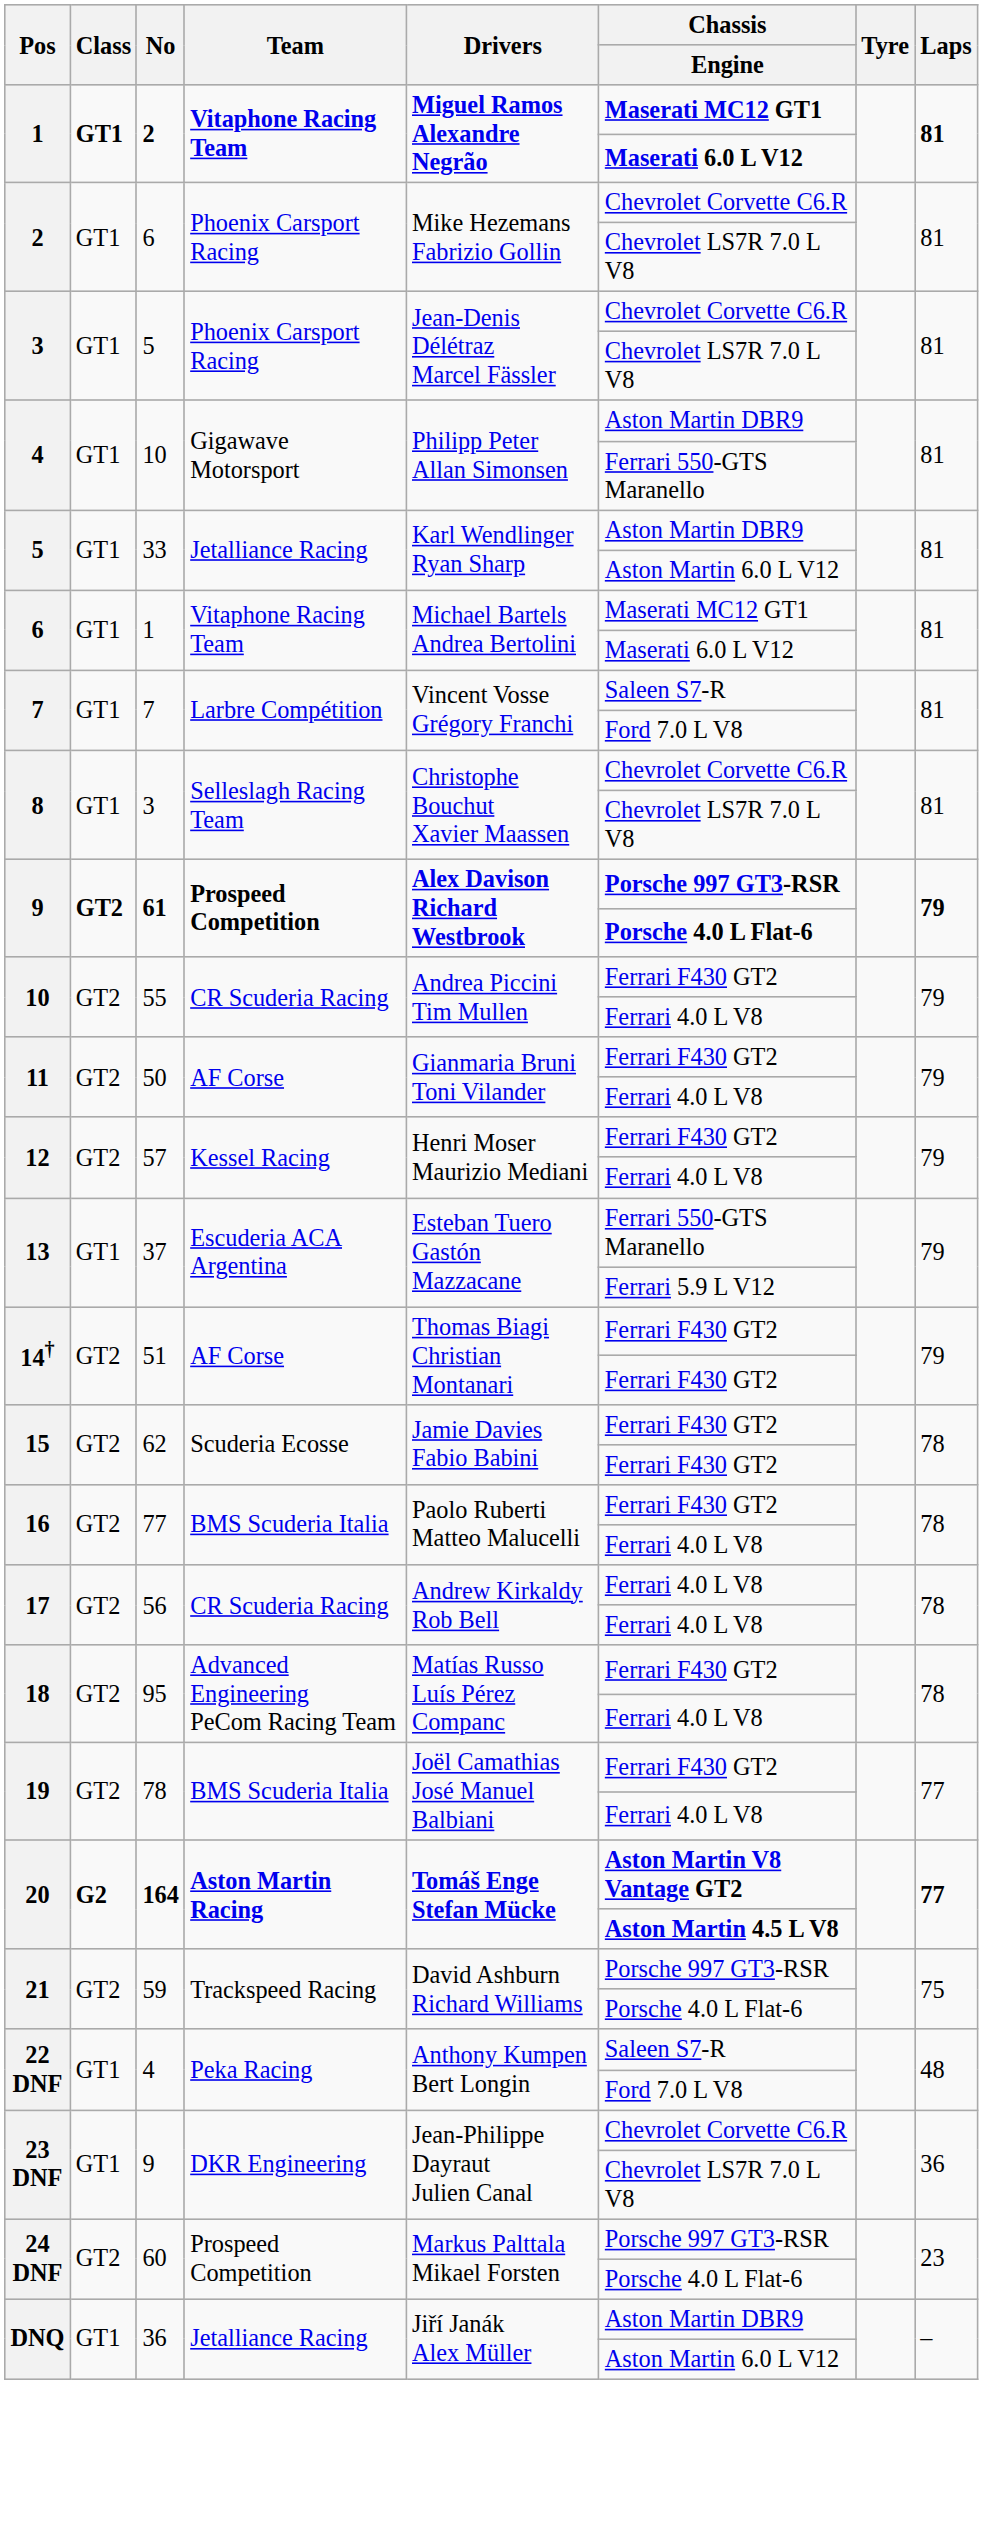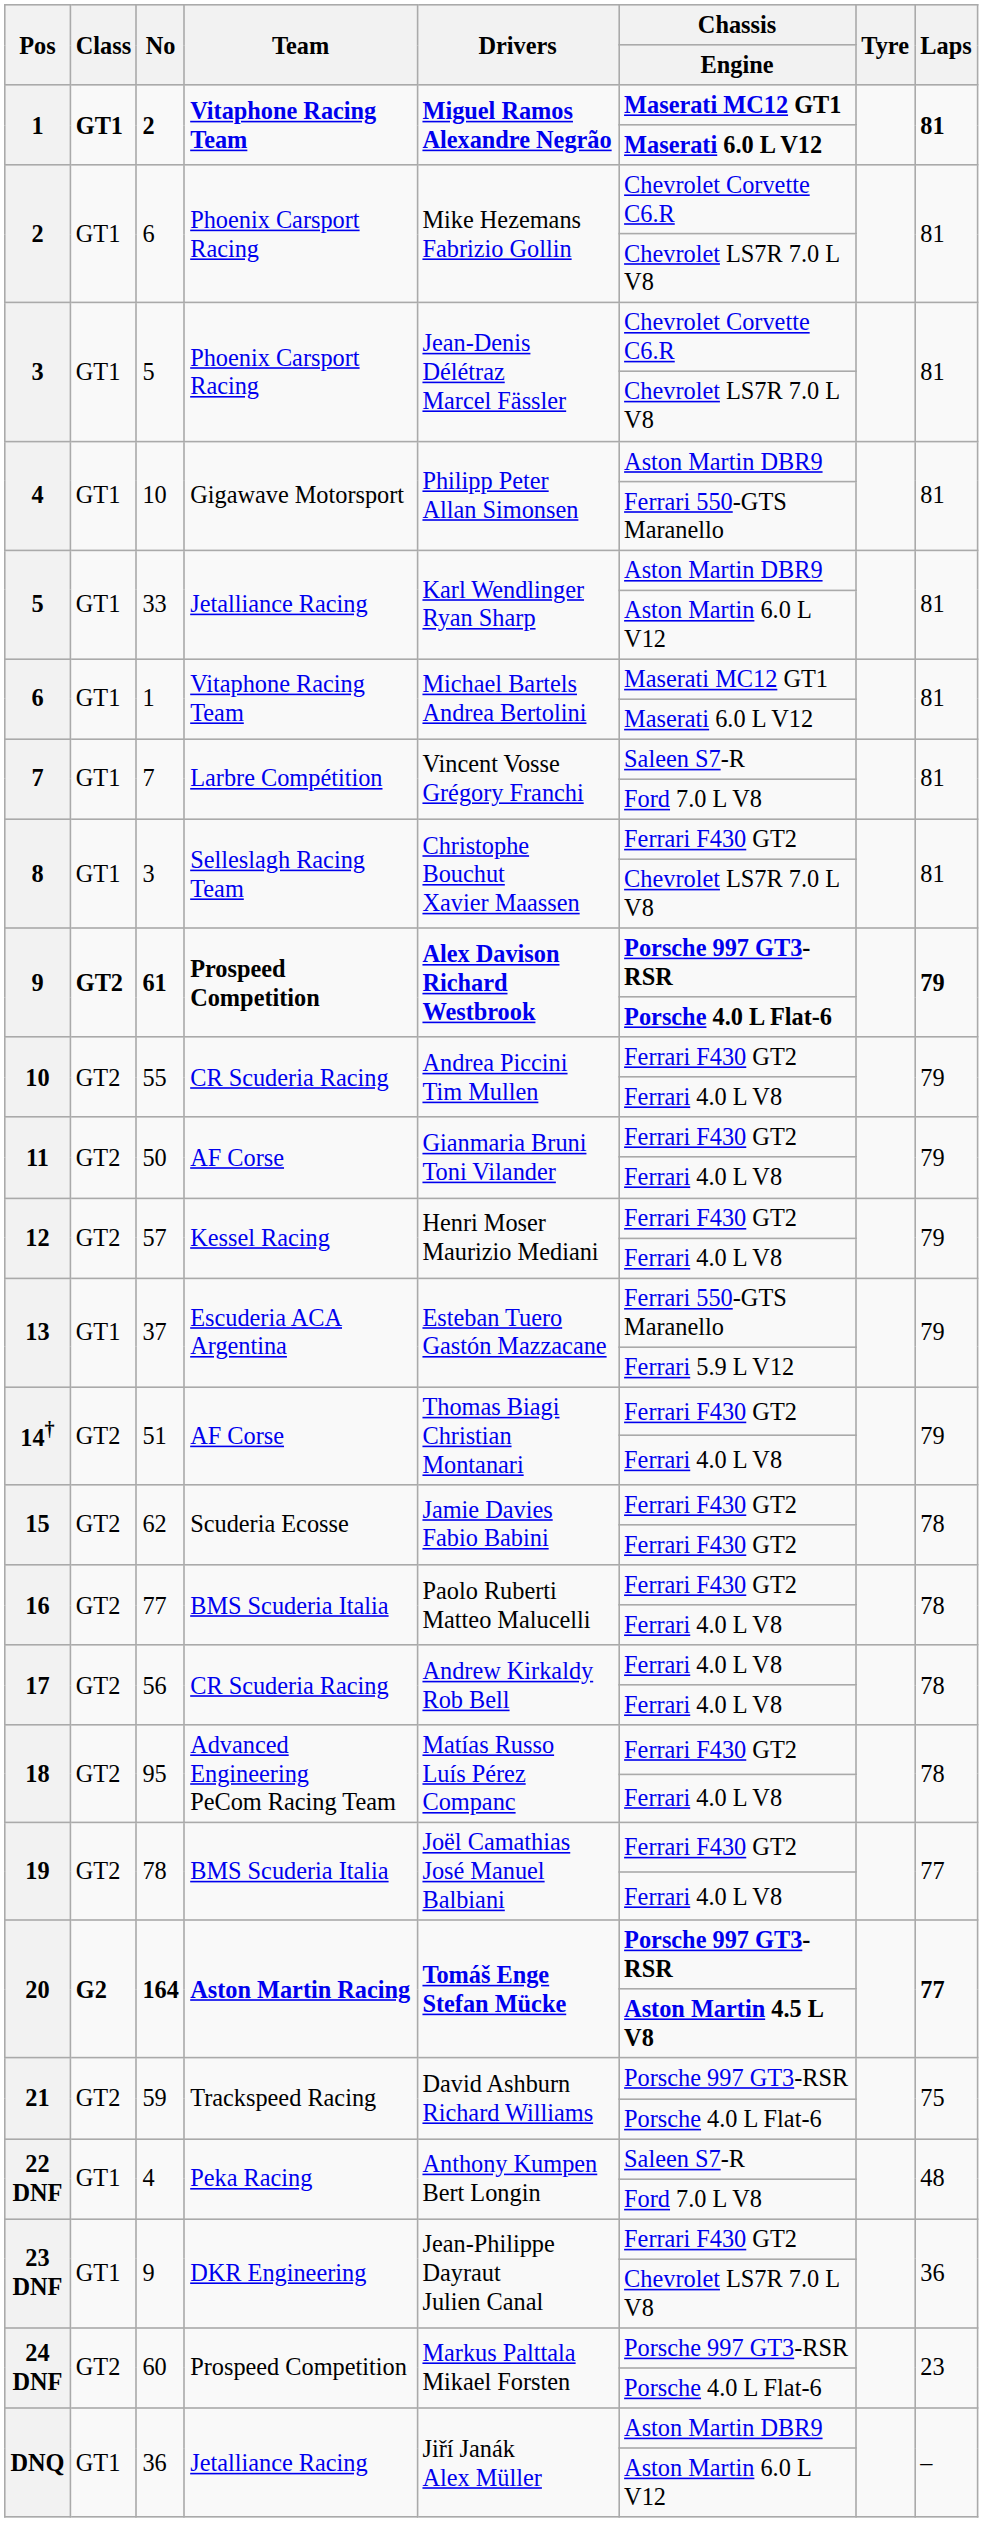 <table class="wikitable" style="font-size: 95%;">
 <tr>
 <th rowspan=2>Pos</th>
 <th rowspan=2>Class</th>
 <th rowspan=2>No</th>
 <th rowspan=2>Team</th>
 <th rowspan=2>Drivers</th>
 <th>Chassis</th>
 <th rowspan=2>Tyre</th>
 <th rowspan=2>Laps</th>
 </tr>
 <tr>
 <th>Engine</th>
 </tr>
 <tr style="font-weight:bold">
 <th rowspan=2>1</th>
 <td rowspan=2>GT1</td>
 <td rowspan=2>2</td>
 <td rowspan=2> <a href='#'>Vitaphone Racing Team</a></td>
 <td rowspan=2> <a href='#'>Miguel Ramos</a><br> <a href='#'>Alexandre Negrão</a></td>
 <td><a href='#'>Maserati MC12</a> GT1</td>
 <td rowspan=2></td>
 <td rowspan=2>81</td>
 </tr>
 <tr style="font-weight:bold">
 <td><a href='#'>Maserati</a> 6.0 L V12</td>
 </tr>
 <tr>
 <th rowspan=2>2</th>
 <td rowspan=2>GT1</td>
 <td rowspan=2>6</td>
 <td rowspan=2> <a href='#'>Phoenix Carsport Racing</a></td>
 <td rowspan=2> Mike Hezemans<br> <a href='#'>Fabrizio Gollin</a></td>
 <td><a href='#'>Chevrolet Corvette C6.R</a></td>
 <td rowspan=2></td>
 <td rowspan=2>81</td>
 </tr>
 <tr>
 <td><a href='#'>Chevrolet</a> LS7R 7.0 L V8</td>
 </tr>
 <tr>
 <th rowspan=2>3</th>
 <td rowspan=2>GT1</td>
 <td rowspan=2>5</td>
 <td rowspan=2> <a href='#'>Phoenix Carsport Racing</a></td>
 <td rowspan=2> <a href='#'>Jean-Denis Délétraz</a><br> <a href='#'>Marcel Fässler</a></td>
 <td><a href='#'>Chevrolet Corvette C6.R</a></td>
 <td rowspan=2></td>
 <td rowspan=2>81</td>
 </tr>
 <tr>
 <td><a href='#'>Chevrolet</a> LS7R 7.0 L V8</td>
 </tr>
 <tr>
 <th rowspan=2>4</th>
 <td rowspan=2>GT1</td>
 <td rowspan=2>10</td>
 <td rowspan=2> Gigawave Motorsport</td>
 <td rowspan=2> <a href='#'>Philipp Peter</a><br> <a href='#'>Allan Simonsen</a></td>
 <td><a href='#'>Aston Martin DBR9</a></td>
 <td rowspan=2></td>
 <td rowspan=2>81</td>
 </tr>
 <tr>
 <td><a href='#'>Ferrari 550</a>-GTS Maranello</td>
 </tr>
 <tr>
 <th rowspan=2>5</th>
 <td rowspan=2>GT1</td>
 <td rowspan=2>33</td>
 <td rowspan=2> <a href='#'>Jetalliance Racing</a></td>
 <td rowspan=2> <a href='#'>Karl Wendlinger</a><br> <a href='#'>Ryan Sharp</a></td>
 <td><a href='#'>Aston Martin DBR9</a></td>
 <td rowspan=2></td>
 <td rowspan=2>81</td>
 </tr>
 <tr>
 <td><a href='#'>Aston Martin</a> 6.0 L V12</td>
 </tr>
 <tr>
 <th rowspan=2>6</th>
 <td rowspan=2>GT1</td>
 <td rowspan=2>1</td>
 <td rowspan=2> <a href='#'>Vitaphone Racing Team</a></td>
 <td rowspan=2> <a href='#'>Michael Bartels</a><br> <a href='#'>Andrea Bertolini</a></td>
 <td><a href='#'>Maserati MC12</a> GT1</td>
 <td rowspan=2></td>
 <td rowspan=2>81</td>
 </tr>
 <tr>
 <td><a href='#'>Maserati</a> 6.0 L V12</td>
 </tr>
 <tr>
 <th rowspan=2>7</th>
 <td rowspan=2>GT1</td>
 <td rowspan=2>7</td>
 <td rowspan=2> <a href='#'>Larbre Compétition</a></td>
 <td rowspan=2> Vincent Vosse<br> <a href='#'>Grégory Franchi</a></td>
 <td><a href='#'>Saleen S7</a>-R</td>
 <td rowspan=2></td>
 <td rowspan=2>81</td>
 </tr>
 <tr>
 <td><a href='#'>Ford</a> 7.0 L V8</td>
 </tr>
 <tr>
 <th rowspan=2>8</th>
 <td rowspan=2>GT1</td>
 <td rowspan=2>3</td>
 <td rowspan=2> <a href='#'>Selleslagh Racing Team</a></td>
 <td rowspan=2> <a href='#'>Christophe Bouchut</a><br> <a href='#'>Xavier Maassen</a></td>
-<td><a href='#'>Chevrolet Corvette C6.R</a></td>
+<td><a href='#'>Ferrari F430</a> GT2</td>
 <td rowspan=2></td>
 <td rowspan=2>81</td>
 </tr>
 <tr>
 <td><a href='#'>Chevrolet</a> LS7R 7.0 L V8</td>
 </tr>
 <tr style="font-weight:bold">
 <th rowspan=2>9</th>
 <td rowspan=2>GT2</td>
 <td rowspan=2>61</td>
 <td rowspan=2> Prospeed Competition</td>
 <td rowspan=2> <a href='#'>Alex Davison</a><br> <a href='#'>Richard Westbrook</a></td>
 <td><a href='#'>Porsche 997 GT3</a>-RSR</td>
 <td rowspan=2></td>
 <td rowspan=2>79</td>
 </tr>
 <tr style="font-weight:bold">
 <td><a href='#'>Porsche</a> 4.0 L Flat-6</td>
 </tr>
 <tr>
 <th rowspan=2>10</th>
 <td rowspan=2>GT2</td>
 <td rowspan=2>55</td>
 <td rowspan=2> <a href='#'>CR Scuderia Racing</a></td>
 <td rowspan=2> <a href='#'>Andrea Piccini</a><br> <a href='#'>Tim Mullen</a></td>
 <td><a href='#'>Ferrari F430</a> GT2</td>
 <td rowspan=2></td>
 <td rowspan=2>79</td>
 </tr>
 <tr>
 <td><a href='#'>Ferrari</a> 4.0 L V8</td>
 </tr>
 <tr>
 <th rowspan=2>11</th>
 <td rowspan=2>GT2</td>
 <td rowspan=2>50</td>
 <td rowspan=2> <a href='#'>AF Corse</a></td>
 <td rowspan=2> <a href='#'>Gianmaria Bruni</a><br> <a href='#'>Toni Vilander</a></td>
 <td><a href='#'>Ferrari F430</a> GT2</td>
 <td rowspan=2></td>
 <td rowspan=2>79</td>
 </tr>
 <tr>
 <td><a href='#'>Ferrari</a> 4.0 L V8</td>
 </tr>
 <tr>
 <th rowspan=2>12</th>
 <td rowspan=2>GT2</td>
 <td rowspan=2>57</td>
 <td rowspan=2> <a href='#'>Kessel Racing</a></td>
 <td rowspan=2> Henri Moser<br> Maurizio Mediani</td>
 <td><a href='#'>Ferrari F430</a> GT2</td>
 <td rowspan=2></td>
 <td rowspan=2>79</td>
 </tr>
 <tr>
 <td><a href='#'>Ferrari</a> 4.0 L V8</td>
 </tr>
 <tr>
 <th rowspan=2>13</th>
 <td rowspan=2>GT1</td>
 <td rowspan=2>37</td>
 <td rowspan=2> <a href='#'>Escuderia ACA Argentina</a></td>
 <td rowspan=2> <a href='#'>Esteban Tuero</a><br> <a href='#'>Gastón Mazzacane</a></td>
 <td><a href='#'>Ferrari 550</a>-GTS Maranello</td>
 <td rowspan=2></td>
 <td rowspan=2>79</td>
 </tr>
 <tr>
 <td><a href='#'>Ferrari</a> 5.9 L V12</td>
 </tr>
 <tr>
 <th rowspan=2>14<sup>†</sup></th>
 <td rowspan=2>GT2</td>
 <td rowspan=2>51</td>
 <td rowspan=2> <a href='#'>AF Corse</a></td>
 <td rowspan=2> <a href='#'>Thomas Biagi</a><br> <a href='#'>Christian Montanari</a></td>
 <td><a href='#'>Ferrari F430</a> GT2</td>
 <td rowspan=2></td>
 <td rowspan=2>79</td>
 </tr>
 <tr>
-<td><a href='#'>Ferrari F430</a> GT2</td>
+<td><a href='#'>Ferrari</a> 4.0 L V8</td>
 </tr>
 <tr>
 <th rowspan=2>15</th>
 <td rowspan=2>GT2</td>
 <td rowspan=2>62</td>
 <td rowspan=2> Scuderia Ecosse</td>
 <td rowspan=2> <a href='#'>Jamie Davies</a><br> <a href='#'>Fabio Babini</a></td>
 <td><a href='#'>Ferrari F430</a> GT2</td>
 <td rowspan=2></td>
 <td rowspan=2>78</td>
 </tr>
 <tr>
 <td><a href='#'>Ferrari F430</a> GT2</td>
 </tr>
 <tr>
 <th rowspan=2>16</th>
 <td rowspan=2>GT2</td>
 <td rowspan=2>77</td>
 <td rowspan=2> <a href='#'>BMS Scuderia Italia</a></td>
 <td rowspan=2> Paolo Ruberti<br> Matteo Malucelli</td>
 <td><a href='#'>Ferrari F430</a> GT2</td>
 <td rowspan=2></td>
 <td rowspan=2>78</td>
 </tr>
 <tr>
 <td><a href='#'>Ferrari</a> 4.0 L V8</td>
 </tr>
 <tr>
 <th rowspan=2>17</th>
 <td rowspan=2>GT2</td>
 <td rowspan=2>56</td>
 <td rowspan=2> <a href='#'>CR Scuderia Racing</a></td>
 <td rowspan=2> <a href='#'>Andrew Kirkaldy</a><br> <a href='#'>Rob Bell</a></td>
 <td><a href='#'>Ferrari</a> 4.0 L V8</td>
 <td rowspan=2></td>
 <td rowspan=2>78</td>
 </tr>
 <tr>
 <td><a href='#'>Ferrari</a> 4.0 L V8</td>
 </tr>
 <tr>
 <th rowspan=2>18</th>
 <td rowspan=2>GT2</td>
 <td rowspan=2>95</td>
 <td rowspan=2> <a href='#'>Advanced Engineering</a><br> PeCom Racing Team</td>
 <td rowspan=2> <a href='#'>Matías Russo</a><br> <a href='#'>Luís Pérez Companc</a></td>
 <td><a href='#'>Ferrari F430</a> GT2</td>
 <td rowspan=2></td>
 <td rowspan=2>78</td>
 </tr>
 <tr>
 <td><a href='#'>Ferrari</a> 4.0 L V8</td>
 </tr>
 <tr>
 <th rowspan=2>19</th>
 <td rowspan=2>GT2</td>
 <td rowspan=2>78</td>
 <td rowspan=2> <a href='#'>BMS Scuderia Italia</a></td>
 <td rowspan=2> <a href='#'>Joël Camathias</a><br> <a href='#'>José Manuel Balbiani</a></td>
 <td><a href='#'>Ferrari F430</a> GT2</td>
 <td rowspan=2></td>
 <td rowspan=2>77</td>
 </tr>
 <tr>
 <td><a href='#'>Ferrari</a> 4.0 L V8</td>
 </tr>
 <tr style="font-weight:bold">
 <th rowspan=2>20</th>
 <td rowspan=2>G2</td>
 <td rowspan=2>164</td>
 <td rowspan=2> <a href='#'>Aston Martin Racing</a></td>
 <td rowspan=2> <a href='#'>Tomáš Enge</a><br> <a href='#'>Stefan Mücke</a></td>
-<td><a href='#'>Aston Martin V8 Vantage</a> GT2</td>
+<td><a href='#'>Porsche 997 GT3</a>-RSR</td>
 <td rowspan=2></td>
 <td rowspan=2>77</td>
 </tr>
 <tr style="font-weight:bold">
 <td><a href='#'>Aston Martin</a> 4.5 L V8</td>
 </tr>
 <tr>
 <th rowspan=2>21</th>
 <td rowspan=2>GT2</td>
 <td rowspan=2>59</td>
 <td rowspan=2> Trackspeed Racing</td>
 <td rowspan=2> David Ashburn<br> <a href='#'>Richard Williams</a></td>
 <td><a href='#'>Porsche 997 GT3</a>-RSR</td>
 <td rowspan=2></td>
 <td rowspan=2>75</td>
 </tr>
 <tr>
 <td><a href='#'>Porsche</a> 4.0 L Flat-6</td>
 </tr>
 <tr>
 <th rowspan=2>22<br>DNF</th>
 <td rowspan=2>GT1</td>
 <td rowspan=2>4</td>
 <td rowspan=2> <a href='#'>Peka Racing</a></td>
 <td rowspan=2> <a href='#'>Anthony Kumpen</a><br> Bert Longin</td>
 <td><a href='#'>Saleen S7</a>-R</td>
 <td rowspan=2></td>
 <td rowspan=2>48</td>
 </tr>
 <tr>
 <td><a href='#'>Ford</a> 7.0 L V8</td>
 </tr>
 <tr>
 <th rowspan=2>23<br>DNF</th>
 <td rowspan=2>GT1</td>
 <td rowspan=2>9</td>
 <td rowspan=2> <a href='#'>DKR Engineering</a></td>
 <td rowspan=2> Jean-Philippe Dayraut<br> Julien Canal</td>
-<td><a href='#'>Chevrolet Corvette C6.R</a></td>
+<td><a href='#'>Ferrari F430</a> GT2</td>
 <td rowspan=2></td>
 <td rowspan=2>36</td>
 </tr>
 <tr>
 <td><a href='#'>Chevrolet</a> LS7R 7.0 L V8</td>
 </tr>
 <tr>
 <th rowspan=2>24<br>DNF</th>
 <td rowspan=2>GT2</td>
 <td rowspan=2>60</td>
 <td rowspan=2> Prospeed Competition</td>
 <td rowspan=2> <a href='#'>Markus Palttala</a><br> Mikael Forsten</td>
 <td><a href='#'>Porsche 997 GT3</a>-RSR</td>
 <td rowspan=2></td>
 <td rowspan=2>23</td>
 </tr>
 <tr>
 <td><a href='#'>Porsche</a> 4.0 L Flat-6</td>
 </tr>
 <tr>
 <th rowspan=2>DNQ</th>
 <td rowspan=2>GT1</td>
 <td rowspan=2>36</td>
 <td rowspan=2> <a href='#'>Jetalliance Racing</a></td>
 <td rowspan=2> Jiří Janák<br> <a href='#'>Alex Müller</a></td>
 <td><a href='#'>Aston Martin DBR9</a></td>
 <td rowspan=2></td>
 <td rowspan=2>–</td>
 </tr>
 <tr>
 <td><a href='#'>Aston Martin</a> 6.0 L V12</td>
 </tr>
 </table>
